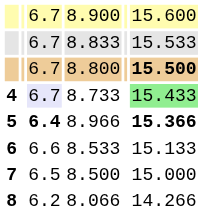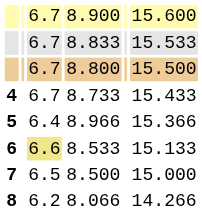 <table>
 <tr style="background:#fffcaf;">
 <th scope=row style="text-align:center"></th>
 <td align=left></td>
 <td>6.7</td>
 <td>8.900</td>
 <td></td>
 <td>15.600</td>
 </tr>
 <tr style="background:#e5e5e5;">
 <th scope=row style="text-align:center"></th>
 <td align=left></td>
 <td>6.7</td>
 <td>8.833</td>
 <td></td>
 <td>15.533</td>
 </tr>
 <tr style="background:#ec9;">
 <th scope=row style="text-align:center"></th>
 <td align=left></td>
 <td>6.7</td>
 <td>8.800</td>
 <td></td>
-<td><strong>15.500</strong></td>
+<td>15.500</td>
 </tr>
 <tr>
 <th scope=row style="text-align:center">4</th>
 <td align=left></td>
-<td style="background: lavender;">6.7</td>
+<td>6.7</td>
 <td>8.733</td>
 <td></td>
-<td style="background: lightgreen;">15.433</td>
+<td>15.433</td>
 </tr>
 <tr>
 <th scope=row style="text-align:center">5</th>
 <td align=left></td>
-<td><strong>6.4</strong></td>
+<td>6.4</td>
 <td>8.966</td>
 <td></td>
-<td><strong>15.366</strong></td>
+<td>15.366</td>
 </tr>
 <tr>
 <th scope=row style="text-align:center">6</th>
 <td align=left></td>
-<td>6.6</td>
+<td style="background: khaki;">6.6</td>
 <td>8.533</td>
 <td></td>
 <td>15.133</td>
 </tr>
 <tr>
 <th scope=row style="text-align:center">7</th>
 <td align=left></td>
 <td>6.5</td>
 <td>8.500</td>
 <td></td>
 <td>15.000</td>
 </tr>
 <tr>
 <th scope=row style="text-align:center">8</th>
 <td align=left></td>
 <td>6.2</td>
 <td>8.066</td>
 <td></td>
 <td>14.266</td>
 </tr>
 </table>
